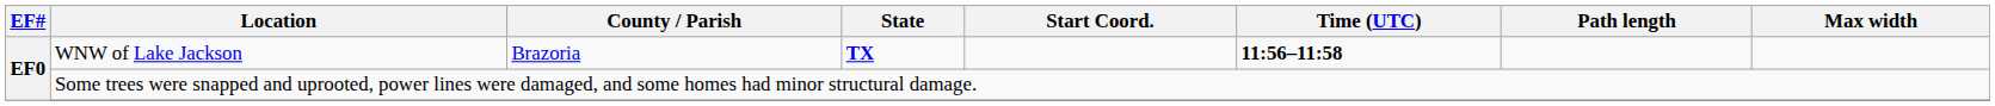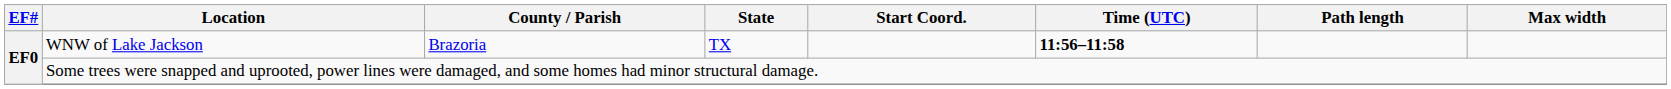 <table class="wikitable sortable" style="width:100%;">
 <tr>
 <th scope="col" width="2%" align="center"><a href='#'>EF#</a></th>
 <th scope="col" align="center" class="unsortable">Location</th>
 <th scope="col" align="center" class="unsortable">County / Parish</th>
 <th scope="col" align="center">State</th>
 <th scope="col" align="center">Start Coord.</th>
 <th scope="col" align="center">Time (<a href='#'>UTC</a>)</th>
 <th scope="col" align="center">Path length</th>
 <th scope="col" align="center">Max width</th>
 </tr>
 <tr>
 <th scope="row" rowspan="2" style="background-color:#">EF0</th>
 <td>WNW of <a href='#'>Lake Jackson</a></td>
 <td><a href='#'>Brazoria</a></td>
-<td><strong><a href='#'>TX</a></strong></td>
+<td><a href='#'>TX</a></td>
 <td></td>
 <td><strong>11:56–11:58</strong></td>
 <td></td>
 <td></td>
 </tr>
 <tr class="expand-child">
 <td colspan="8" style=" border-bottom: 1px solid black;">Some trees were snapped and uprooted, power lines were damaged, and some homes had minor structural damage.</td>
 </tr>
 <tr>
 </tr>
 </table>
